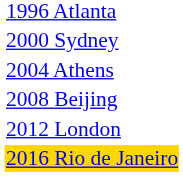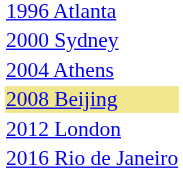 <table>
 <tr>
 <td><a href='#'>1996 Atlanta</a><br></td>
 <td></td>
 <td></td>
 <td></td>
 </tr>
 <tr>
 <td><a href='#'>2000 Sydney</a><br></td>
 <td></td>
 <td></td>
 <td></td>
 </tr>
 <tr>
 <td><a href='#'>2004 Athens</a><br></td>
 <td></td>
 <td></td>
 <td></td>
 </tr>
 <tr>
-<td><a href='#'>2008 Beijing</a><br></td>
+<td style="background: khaki;"><a href='#'>2008 Beijing</a><br></td>
 <td></td>
 <td></td>
 <td></td>
 </tr>
 <tr>
 <td><a href='#'>2012 London</a><br></td>
 <td></td>
 <td></td>
 <td></td>
 </tr>
 <tr>
-<td style="background: gold;"><a href='#'>2016 Rio de Janeiro</a><br></td>
+<td><a href='#'>2016 Rio de Janeiro</a><br></td>
 <td></td>
 <td></td>
 <td></td>
 </tr>
 </table>
